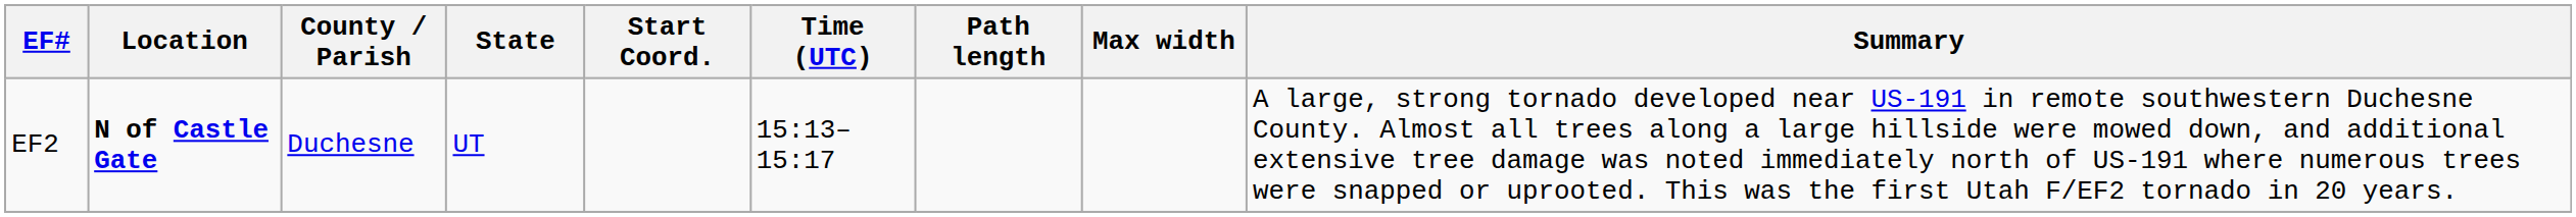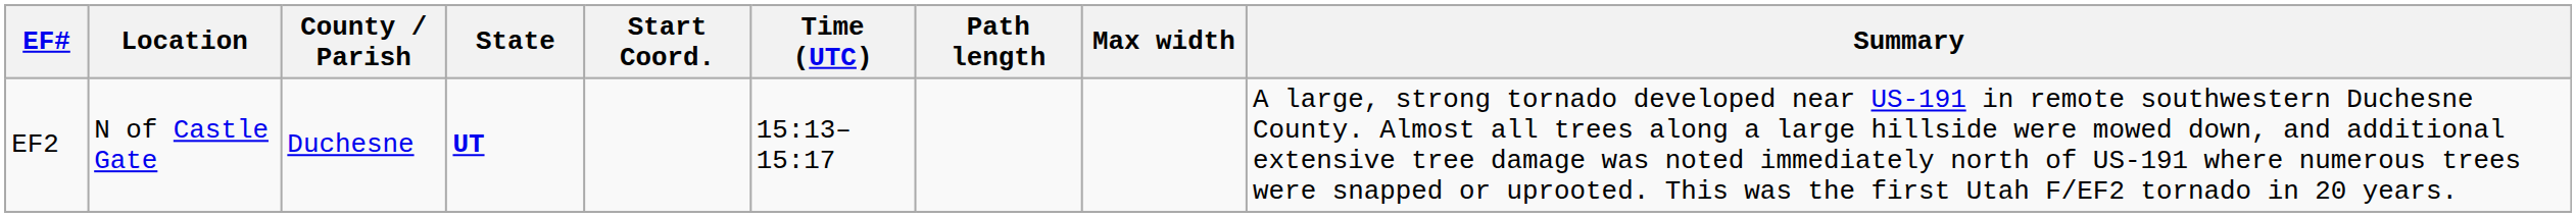 <table class="wikitable sortable" style="width:100%;">
 <tr>
 <th scope="col"  style="width:3%; text-align:center;"><a href='#'>EF#</a></th>
 <th scope="col"  style="width:7%; text-align:center;" class="unsortable">Location</th>
 <th scope="col"  style="width:6%; text-align:center;" class="unsortable">County / Parish</th>
 <th scope="col"  style="width:5%; text-align:center;">State</th>
 <th scope="col"  style="width:6%; text-align:center;">Start Coord.</th>
 <th scope="col"  style="width:6%; text-align:center;">Time (<a href='#'>UTC</a>)</th>
 <th scope="col"  style="width:6%; text-align:center;">Path length</th>
 <th scope="col"  style="width:6%; text-align:center;">Max width</th>
 <th scope="col" class="unsortable" style="width:48%; text-align:center;">Summary</th>
 </tr>
 <tr>
 <td>EF2</td>
-<td><strong>N of <a href='#'>Castle Gate</a></strong></td>
+<td>N of <a href='#'>Castle Gate</a></td>
 <td><a href='#'>Duchesne</a></td>
-<td><a href='#'>UT</a></td>
+<td><strong><a href='#'>UT</a></strong></td>
 <td></td>
 <td>15:13–15:17</td>
 <td></td>
 <td></td>
 <td>A large, strong tornado developed near <a href='#'>US-191</a> in remote southwestern Duchesne County. Almost all trees along a large hillside were mowed down, and additional extensive tree damage was noted immediately north of US-191 where numerous trees were snapped or uprooted. This was the first Utah F/EF2 tornado in 20 years.</td>
 </tr>
 <tr>
 </tr>
 </table>
